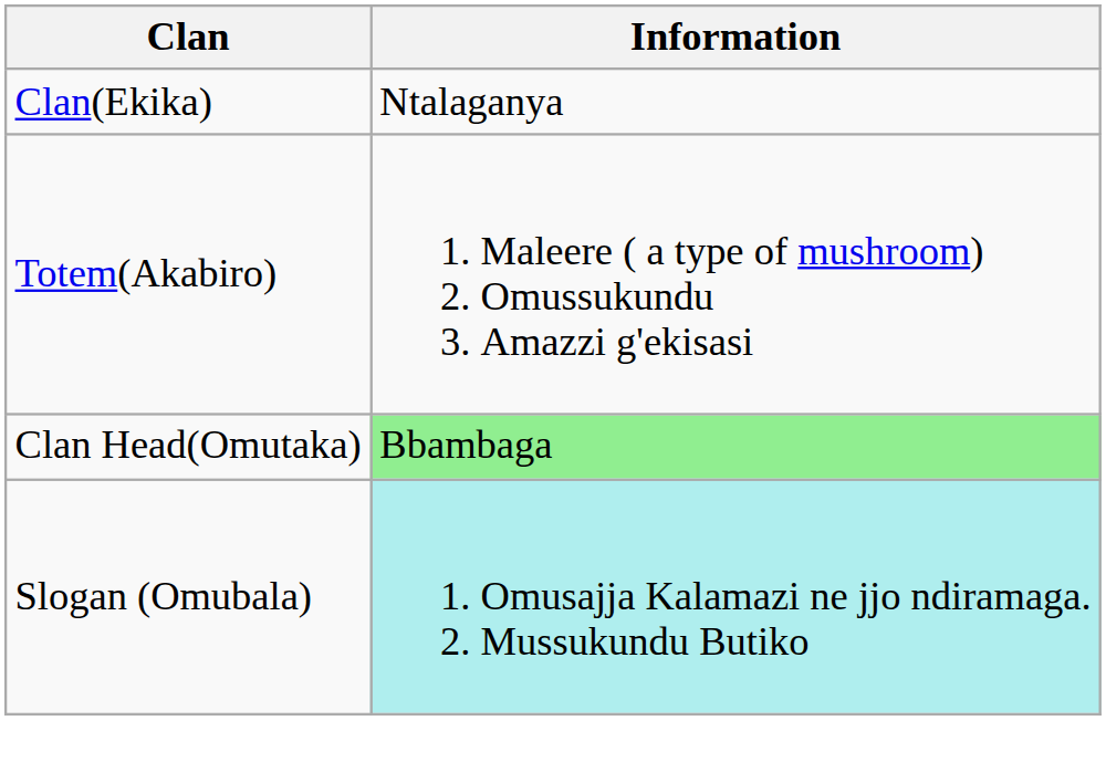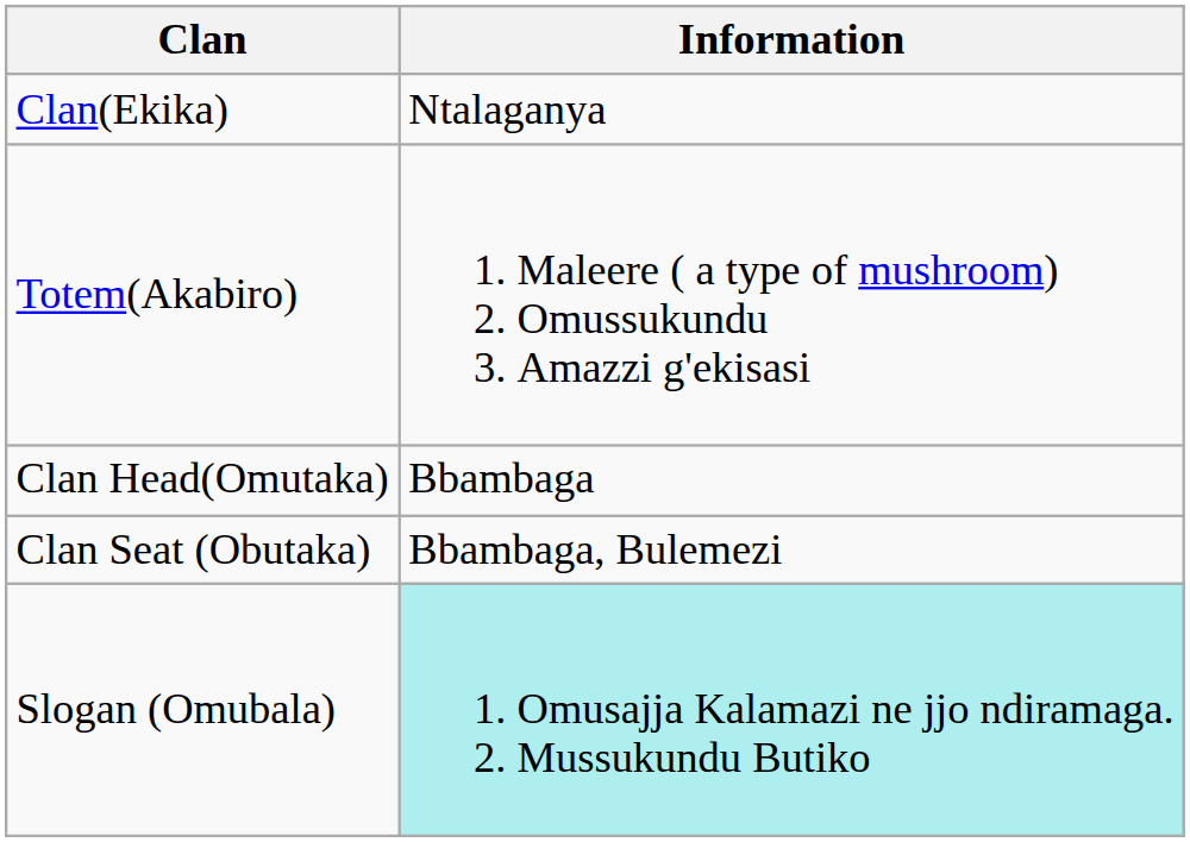 <table class="wikitable">
 <tr>
 <th>Clan</th>
 <th>Information</th>
 </tr>
 <tr>
 <td><a href='#'>Clan</a>(Ekika)</td>
 <td>Ntalaganya</td>
 </tr>
 <tr>
 <td><a href='#'>Totem</a>(Akabiro)</td>
 <td><br><ol><li>Maleere ( a type of <a href='#'>mushroom</a>)</li><li>Omussukundu</li><li>Amazzi g'ekisasi</li></ol></td>
 </tr>
 <tr>
 <td>Clan Head(Omutaka)</td>
-<td style="background: lightgreen;">Bbambaga</td>
+<td>Bbambaga</td>
+</tr>
+<tr>
+<td>Clan Seat (Obutaka)</td>
+<td>Bbambaga, Bulemezi</td>
 </tr>
 <tr>
 <td>Slogan (Omubala)</td>
 <td style="background: paleturquoise;"><br><ol><li>Omusajja Kalamazi ne jjo ndiramaga.</li><li>Mussukundu Butiko</li></ol></td>
 </tr>
 </table>
